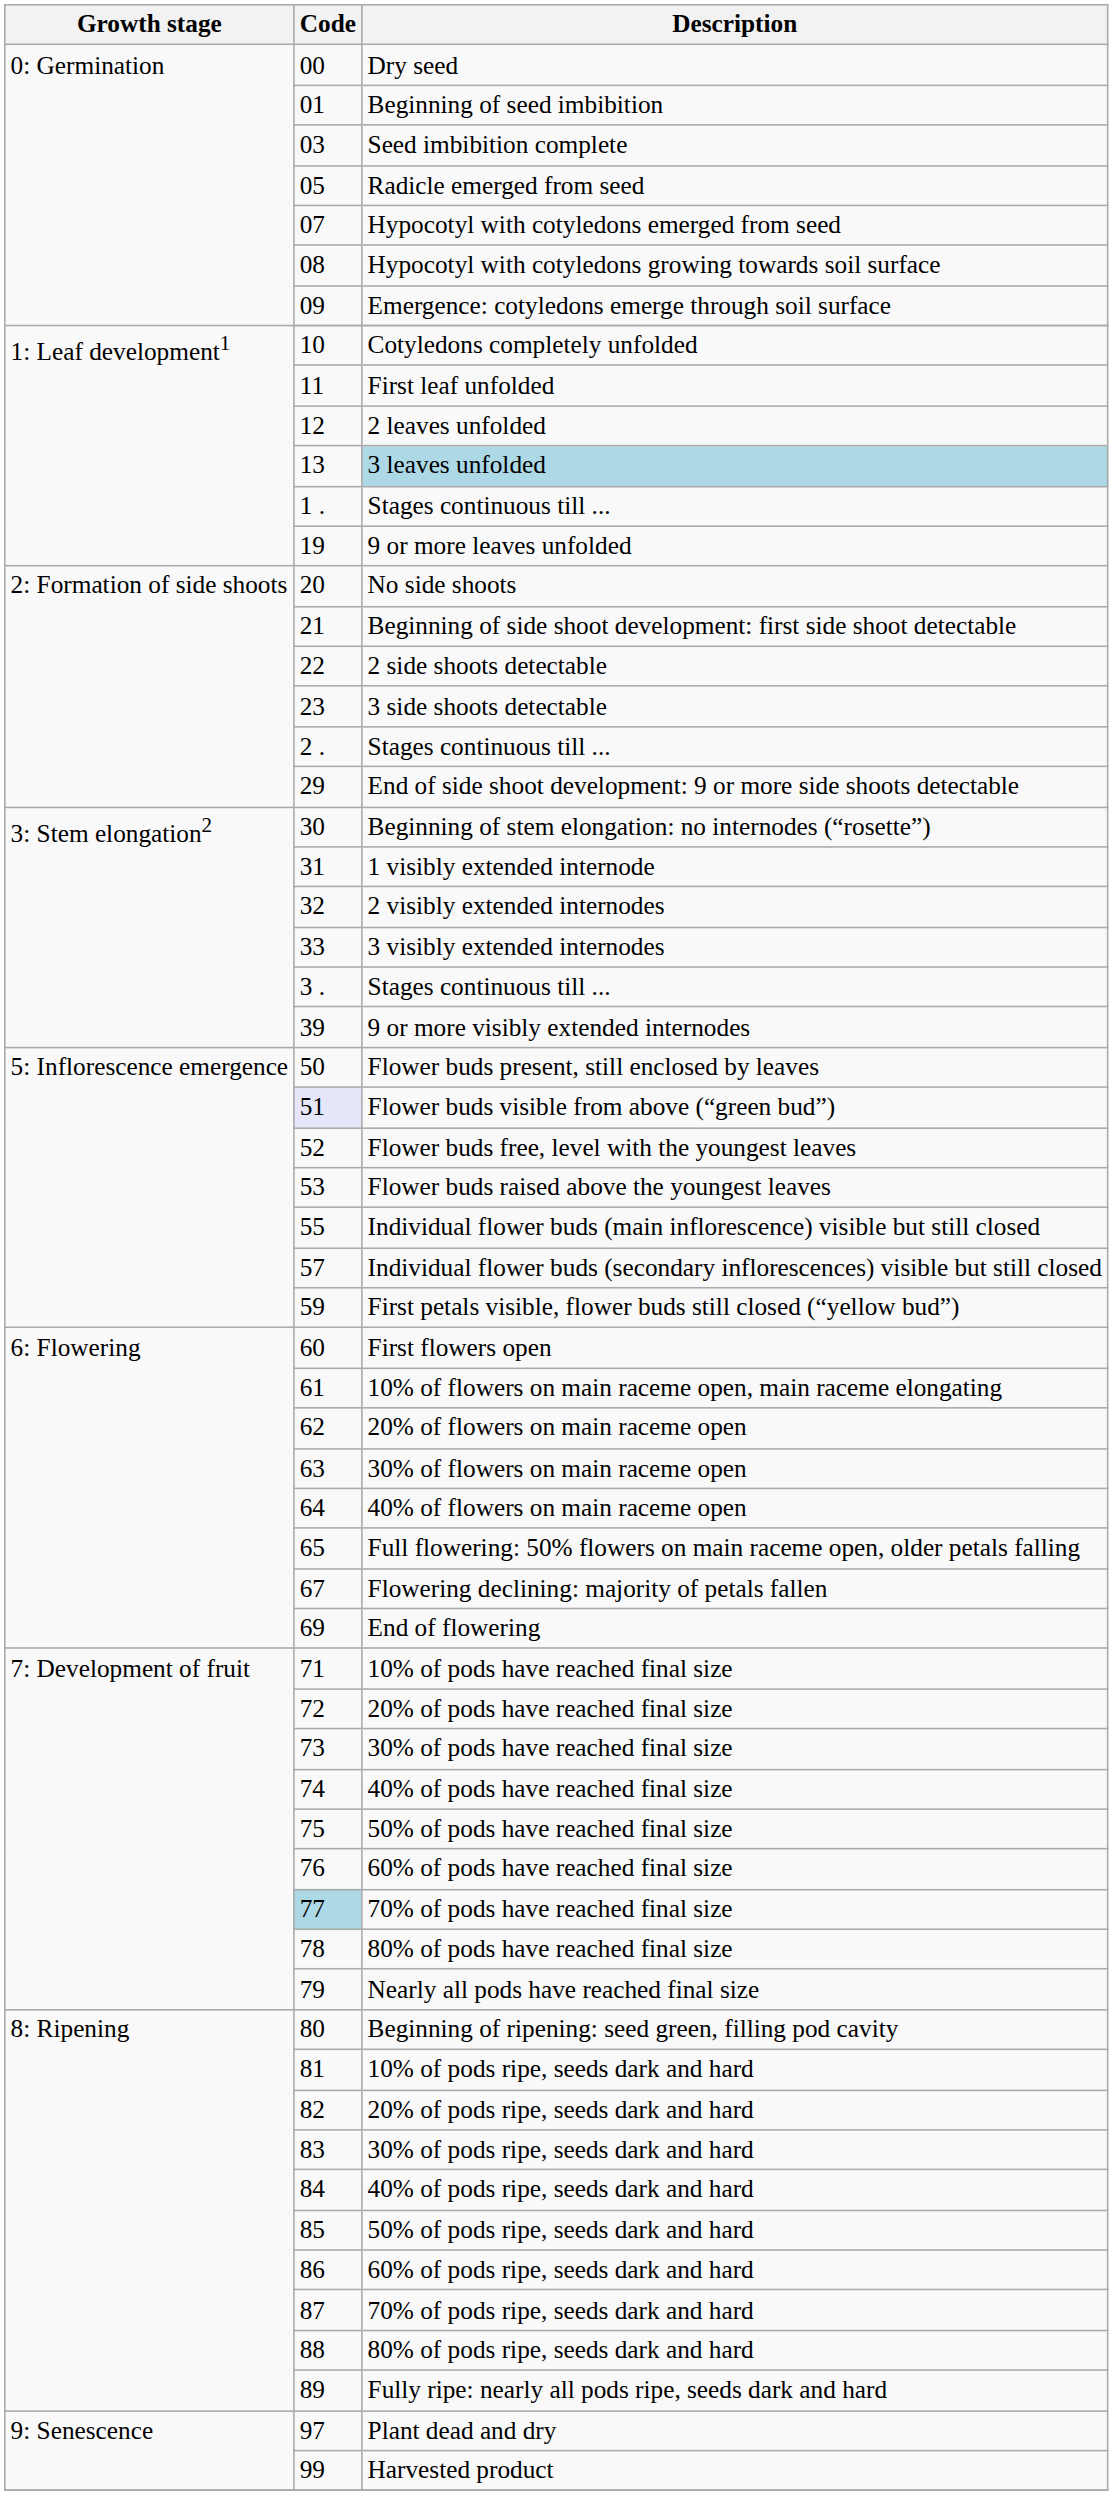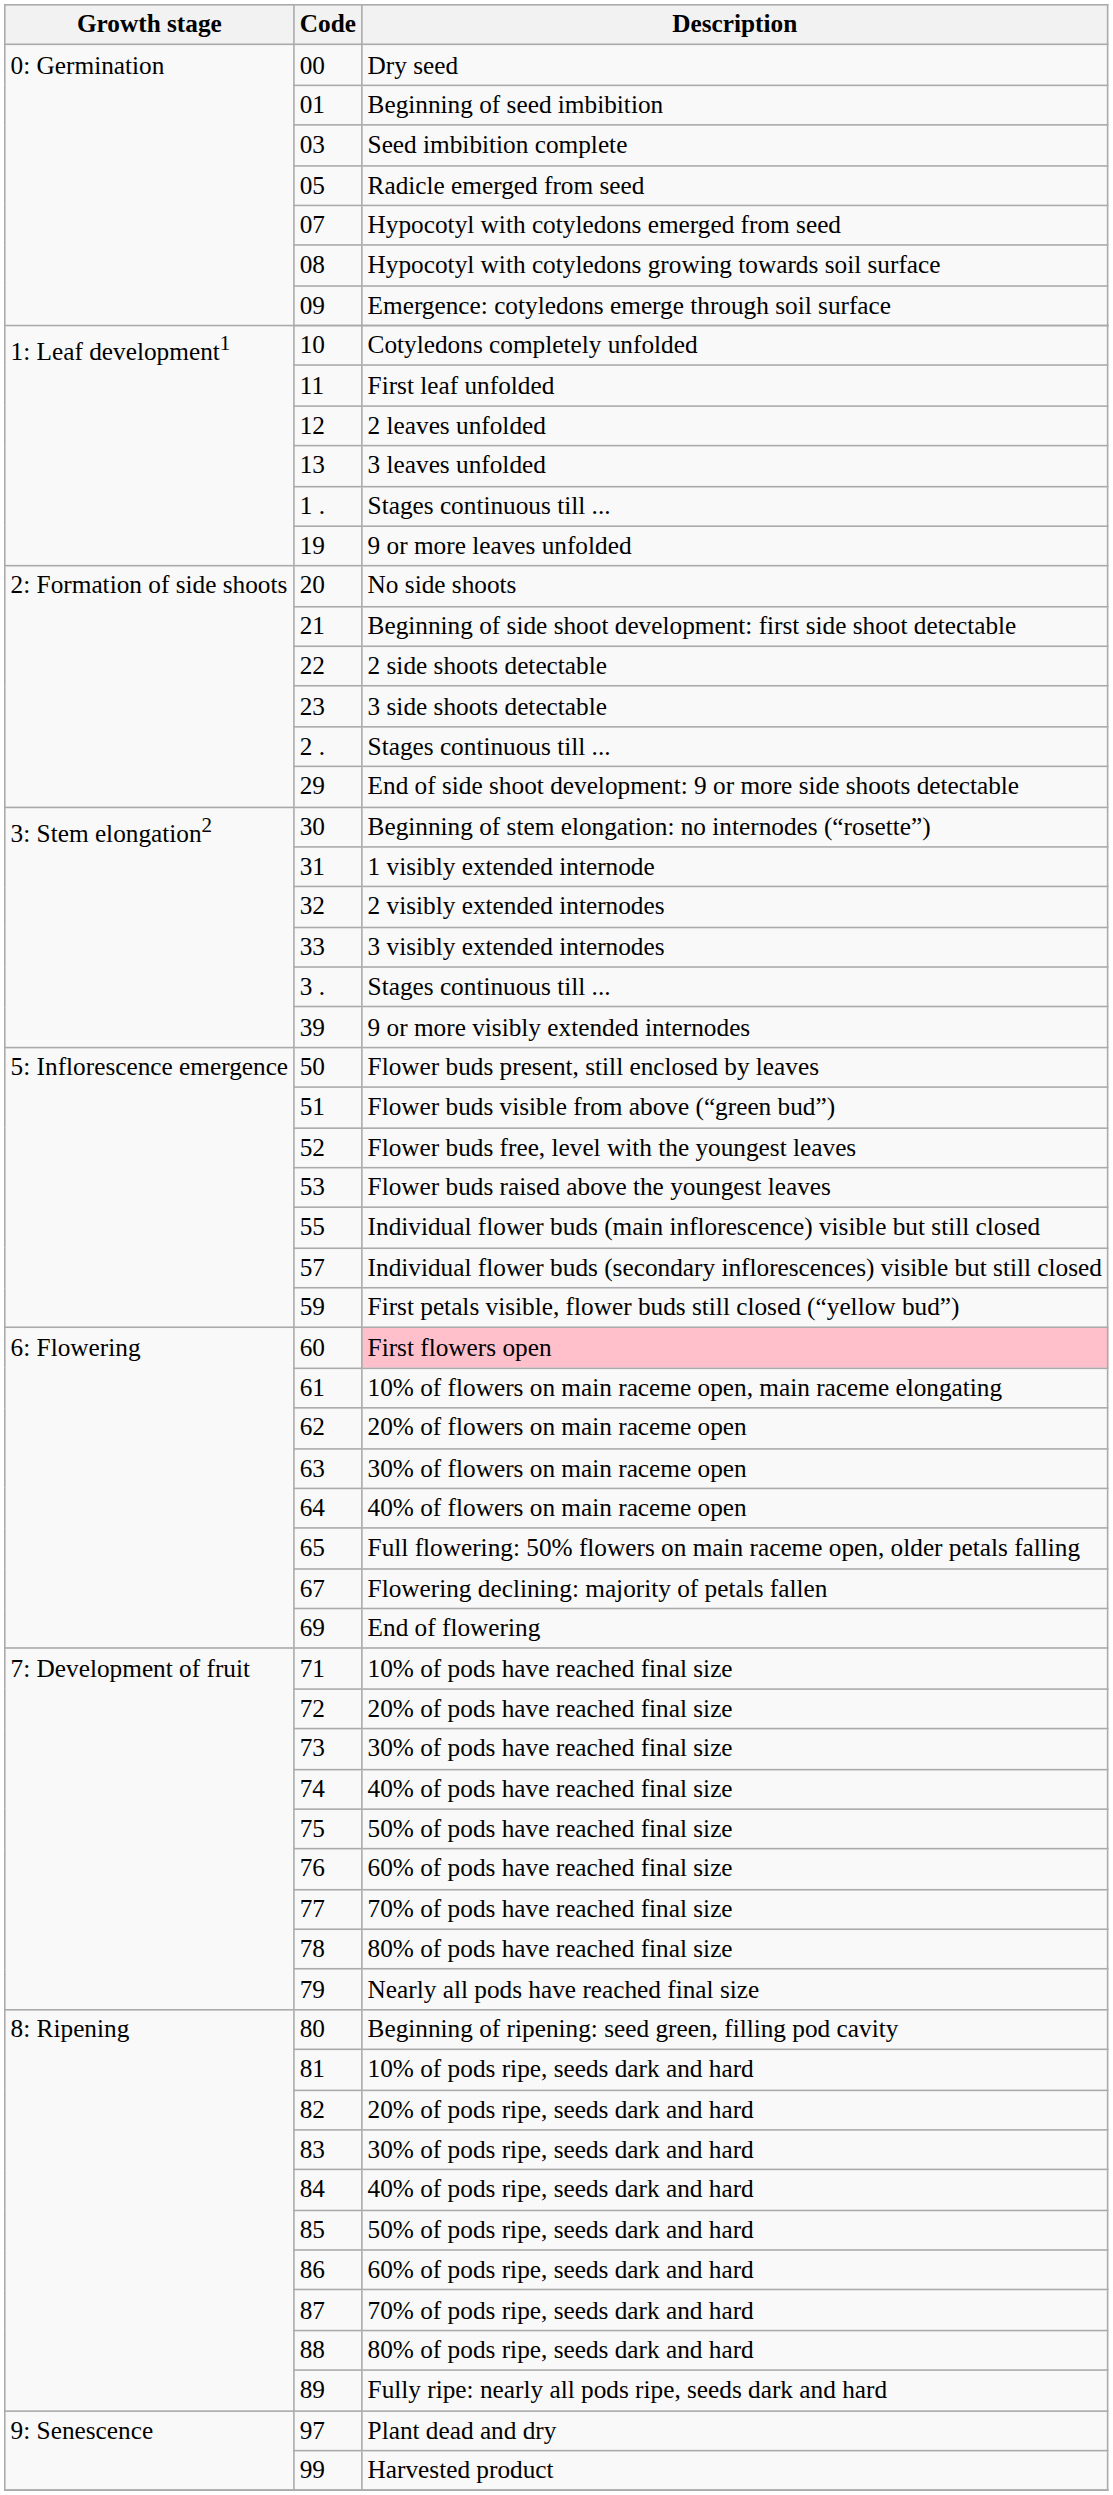 <table class="wikitable" style="clear">
 <tr>
 <th>Growth stage</th>
 <th>Code</th>
 <th>Description</th>
 </tr>
 <tr>
 <td rowspan="7" style="vertical-align:top">0: Germination</td>
 <td>00</td>
 <td>Dry seed</td>
 </tr>
 <tr>
 <td>01</td>
 <td>Beginning of seed imbibition</td>
 </tr>
 <tr>
 <td>03</td>
 <td>Seed imbibition complete</td>
 </tr>
 <tr>
 <td>05</td>
 <td>Radicle emerged from seed</td>
 </tr>
 <tr>
 <td>07</td>
 <td>Hypocotyl with cotyledons emerged from seed</td>
 </tr>
 <tr>
 <td>08</td>
 <td>Hypocotyl with cotyledons growing towards soil surface</td>
 </tr>
 <tr>
 <td>09</td>
 <td>Emergence: cotyledons emerge through soil surface</td>
 </tr>
 <tr>
 <td rowspan="7" style="vertical-align:top">1: Leaf development<sup>1</sup></td>
 </tr>
 <tr>
 <td>10</td>
 <td>Cotyledons completely unfolded</td>
 </tr>
 <tr>
 <td>11</td>
 <td>First leaf unfolded</td>
 </tr>
 <tr>
 <td>12</td>
 <td>2 leaves unfolded</td>
 </tr>
 <tr>
 <td>13</td>
-<td style="background: lightblue;">3 leaves unfolded</td>
+<td>3 leaves unfolded</td>
 </tr>
 <tr>
 <td>1 .</td>
 <td>Stages continuous till ...</td>
 </tr>
 <tr>
 <td>19</td>
 <td>9 or more leaves unfolded</td>
 </tr>
 <tr>
 <td rowspan="6" style="vertical-align:top">2: Formation of side shoots</td>
 <td>20</td>
 <td>No side shoots</td>
 </tr>
 <tr>
 <td>21</td>
 <td>Beginning of side shoot development: first side shoot detectable</td>
 </tr>
 <tr>
 <td>22</td>
 <td>2 side shoots detectable</td>
 </tr>
 <tr>
 <td>23</td>
 <td>3 side shoots detectable</td>
 </tr>
 <tr>
 <td>2 .</td>
 <td>Stages continuous till ...</td>
 </tr>
 <tr>
 <td>29</td>
 <td>End of side shoot development: 9 or more side shoots detectable</td>
 </tr>
 <tr>
 <td rowspan="6" style="vertical-align:top">3: Stem elongation<sup>2</sup></td>
 <td>30</td>
 <td>Beginning of stem elongation: no internodes (“rosette”)</td>
 </tr>
 <tr>
 <td>31</td>
 <td>1 visibly extended internode</td>
 </tr>
 <tr>
 <td>32</td>
 <td>2 visibly extended internodes</td>
 </tr>
 <tr>
 <td>33</td>
 <td>3 visibly extended internodes</td>
 </tr>
 <tr>
 <td>3 .</td>
 <td>Stages continuous till ...</td>
 </tr>
 <tr>
 <td>39</td>
 <td>9 or more visibly extended internodes</td>
 </tr>
 <tr>
 <td rowspan="7" style="vertical-align:top">5: Inflorescence emergence</td>
 <td>50</td>
 <td>Flower buds present, still enclosed by leaves</td>
 </tr>
 <tr>
-<td style="background: lavender;">51</td>
+<td>51</td>
 <td>Flower buds visible from above (“green bud”)</td>
 </tr>
 <tr>
 <td>52</td>
 <td>Flower buds free, level with the youngest leaves</td>
 </tr>
 <tr>
 <td>53</td>
 <td>Flower buds raised above the youngest leaves</td>
 </tr>
 <tr>
 <td>55</td>
 <td>Individual flower buds (main inflorescence) visible but still closed</td>
 </tr>
 <tr>
 <td>57</td>
 <td>Individual flower buds (secondary inflorescences) visible but still closed</td>
 </tr>
 <tr>
 <td>59</td>
 <td>First petals visible, flower buds still closed (“yellow bud”)</td>
 </tr>
 <tr>
 <td rowspan="8" style="vertical-align:top">6: Flowering</td>
 <td>60</td>
-<td>First flowers open</td>
+<td style="background: pink;">First flowers open</td>
 </tr>
 <tr>
 <td>61</td>
 <td>10% of flowers on main raceme open, main raceme elongating</td>
 </tr>
 <tr>
 <td>62</td>
 <td>20% of flowers on main raceme open</td>
 </tr>
 <tr>
 <td>63</td>
 <td>30% of flowers on main raceme open</td>
 </tr>
 <tr>
 <td>64</td>
 <td>40% of flowers on main raceme open</td>
 </tr>
 <tr>
 <td>65</td>
 <td>Full flowering: 50% flowers on main raceme open, older petals falling</td>
 </tr>
 <tr>
 <td>67</td>
 <td>Flowering declining: majority of petals fallen</td>
 </tr>
 <tr>
 <td>69</td>
 <td>End of flowering</td>
 </tr>
 <tr>
 <td rowspan="9"  style="vertical-align:top">7: Development of fruit</td>
 <td>71</td>
 <td>10% of pods have reached final size</td>
 </tr>
 <tr>
 <td>72</td>
 <td>20% of pods have reached final size</td>
 </tr>
 <tr>
 <td>73</td>
 <td>30% of pods have reached final size</td>
 </tr>
 <tr>
 <td>74</td>
 <td>40% of pods have reached final size</td>
 </tr>
 <tr>
 <td>75</td>
 <td>50% of pods have reached final size</td>
 </tr>
 <tr>
 <td>76</td>
 <td>60% of pods have reached final size</td>
 </tr>
 <tr>
-<td style="background: lightblue;">77</td>
+<td>77</td>
 <td>70% of pods have reached final size</td>
 </tr>
 <tr>
 <td>78</td>
 <td>80% of pods have reached final size</td>
 </tr>
 <tr>
 <td>79</td>
 <td>Nearly all pods have reached final size</td>
 </tr>
 <tr>
 <td rowspan="10" style="vertical-align:top">8: Ripening</td>
 <td>80</td>
 <td>Beginning of ripening: seed green, filling pod cavity</td>
 </tr>
 <tr>
 <td>81</td>
 <td>10% of pods ripe, seeds dark and hard</td>
 </tr>
 <tr>
 <td>82</td>
 <td>20% of pods ripe, seeds dark and hard</td>
 </tr>
 <tr>
 <td>83</td>
 <td>30% of pods ripe, seeds dark and hard</td>
 </tr>
 <tr>
 <td>84</td>
 <td>40% of pods ripe, seeds dark and hard</td>
 </tr>
 <tr>
 <td>85</td>
 <td>50% of pods ripe, seeds dark and hard</td>
 </tr>
 <tr>
 <td>86</td>
 <td>60% of pods ripe, seeds dark and hard</td>
 </tr>
 <tr>
 <td>87</td>
 <td>70% of pods ripe, seeds dark and hard</td>
 </tr>
 <tr>
 <td>88</td>
 <td>80% of pods ripe, seeds dark and hard</td>
 </tr>
 <tr>
 <td>89</td>
 <td>Fully ripe: nearly all pods ripe, seeds dark and hard</td>
 </tr>
 <tr>
 <td rowspan="2" style="vertical-align:top">9: Senescence</td>
 <td>97</td>
 <td>Plant dead and dry</td>
 </tr>
 <tr>
 <td>99</td>
 <td>Harvested product</td>
 </tr>
 <tr>
 </tr>
 </table>
